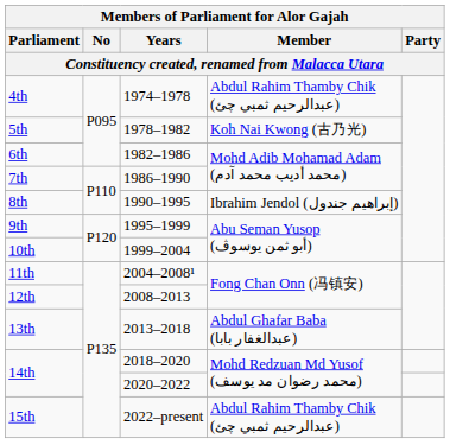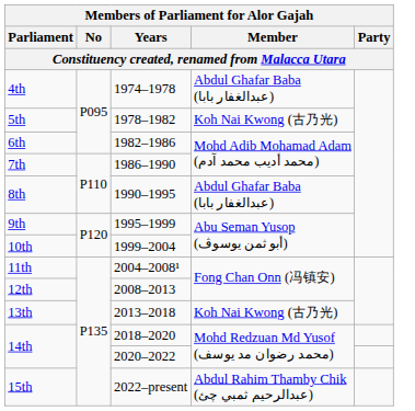 <table class=wikitable>
 <tr>
 <th colspan="5">Members of Parliament for Alor Gajah</th>
 </tr>
 <tr>
 <th>Parliament</th>
 <th>No</th>
 <th>Years</th>
 <th>Member</th>
 <th>Party</th>
 </tr>
 <tr>
 <th colspan="5" align="center"><em>Constituency created, renamed from <a href='#'>Malacca Utara</a></em></th>
 </tr>
 <tr>
 <td><a href='#'>4th</a></td>
 <td rowspan="3">P095</td>
 <td>1974–1978</td>
-<td><a href='#'>Abdul Rahim Thamby Chik</a>  <br>(عبدالرحيم ثمبي چئ)</td>
+<td><a href='#'>Abdul Ghafar Baba</a> <br> (عبدالغفار بابا)</td>
 <td rowspan="7"></td>
 </tr>
 <tr>
 <td><a href='#'>5th</a></td>
 <td>1978–1982</td>
 <td><a href='#'>Koh Nai Kwong</a> (古乃光)</td>
 </tr>
 <tr>
 <td><a href='#'>6th</a></td>
 <td>1982–1986</td>
 <td rowspan=2><a href='#'>Mohd Adib Mohamad Adam</a>  <br>(محمد أديب محمد آدم)</td>
 </tr>
 <tr>
 <td><a href='#'>7th</a></td>
 <td rowspan="2">P110</td>
 <td>1986–1990</td>
 </tr>
 <tr>
 <td><a href='#'>8th</a></td>
 <td>1990–1995</td>
-<td>Ibrahim Jendol (إبراهيم جندول)</td>
+<td><a href='#'>Abdul Ghafar Baba</a> <br> (عبدالغفار بابا)</td>
 </tr>
 <tr>
 <td><a href='#'>9th</a></td>
 <td rowspan="2">P120</td>
 <td>1995–1999</td>
 <td rowspan=2><a href='#'>Abu Seman Yusop</a>  <br>(أبو ثمن يوسوڤ)</td>
 </tr>
 <tr>
 <td><a href='#'>10th</a></td>
 <td>1999–2004</td>
 </tr>
 <tr>
 <td><a href='#'>11th</a></td>
 <td rowspan="6">P135</td>
 <td>2004–2008¹</td>
 <td rowspan=2><a href='#'>Fong Chan Onn</a> (冯镇安)</td>
 <td rowspan="3"></td>
 </tr>
 <tr>
 <td><a href='#'>12th</a></td>
 <td>2008–2013</td>
 </tr>
 <tr>
 <td><a href='#'>13th</a></td>
 <td>2013–2018</td>
-<td><a href='#'>Abdul Ghafar Baba</a> <br> (عبدالغفار بابا)</td>
+<td><a href='#'>Koh Nai Kwong</a> (古乃光)</td>
 </tr>
 <tr>
 <td rowspan="2"><a href='#'>14th</a></td>
 <td>2018–2020</td>
 <td rowspan="2"><a href='#'>Mohd Redzuan Md Yusof</a>  <br>(محمد رضوان مد يوسف)</td>
 <td></td>
 </tr>
 <tr>
 <td>2020–2022</td>
 <td></td>
 </tr>
 <tr>
 <td><a href='#'>15th</a></td>
 <td>2022–present</td>
 <td><a href='#'>Abdul Rahim Thamby Chik</a>  <br>(عبدالرحيم ثمبي چئ)</td>
 <td></td>
 </tr>
 </table>
